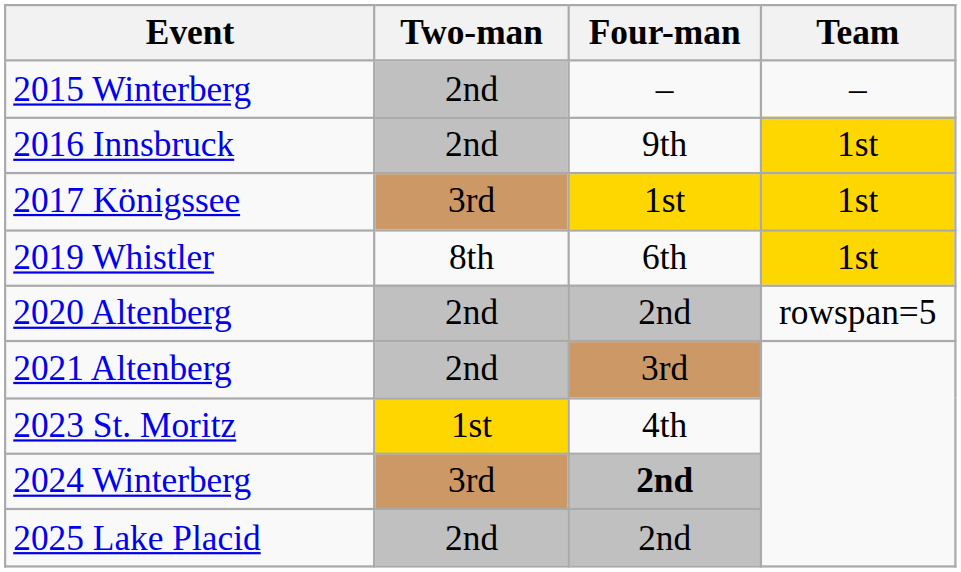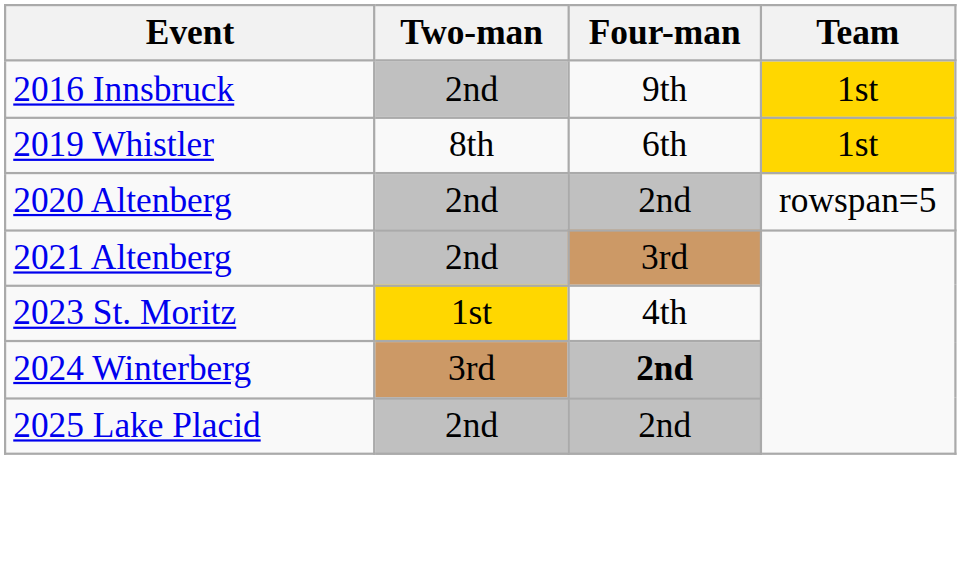 <table class="wikitable" style="text-align:center">
 <tr>
 <th style="width:160px">Event</th>
 <th style="width:80px">Two-man</th>
 <th style="width:80px">Four-man</th>
 <th style="width:80px">Team</th>
 </tr>
 <tr>
-<td style="text-align:left"> <a href='#'>2015 Winterberg</a></td>
-<td style="background:silver">2nd</td>
-<td>–</td>
-<td>–</td>
-</tr>
-<tr>
 <td style="text-align:left"> <a href='#'>2016 Innsbruck</a></td>
 <td style="background:silver">2nd</td>
 <td>9th</td>
-<td style="background:gold">1st</td>
-</tr>
-<tr>
-<td style="text-align:left"> <a href='#'>2017 Königssee</a></td>
-<td style="background:#CC9966">3rd</td>
-<td style="background:gold">1st</td>
 <td style="background:gold">1st</td>
 </tr>
 <tr>
 <td style="text-align:left"> <a href='#'>2019 Whistler</a></td>
 <td>8th</td>
 <td>6th</td>
 <td style="background:gold">1st</td>
 </tr>
 <tr>
 <td style="text-align:left"> <a href='#'>2020 Altenberg</a></td>
 <td style="background:silver">2nd</td>
 <td style="background:silver">2nd</td>
 <td>rowspan=5 </td>
 </tr>
 <tr>
 <td style="text-align:left"> <a href='#'>2021 Altenberg</a></td>
 <td style="background:silver">2nd</td>
 <td style="background:#CC9966">3rd</td>
 </tr>
 <tr>
 <td style="text-align:left"> <a href='#'>2023 St. Moritz</a></td>
 <td style="background:gold">1st</td>
 <td>4th</td>
 </tr>
 <tr>
 <td style="text-align:left"> <a href='#'>2024 Winterberg</a></td>
 <td style="background:#CC9966">3rd</td>
 <td style="background:silver"><strong>2nd</strong></td>
 </tr>
 <tr>
 <td style="text-align:left"> <a href='#'>2025 Lake Placid</a></td>
 <td style="background:silver">2nd</td>
 <td style="background:silver">2nd</td>
 </tr>
 </table>
